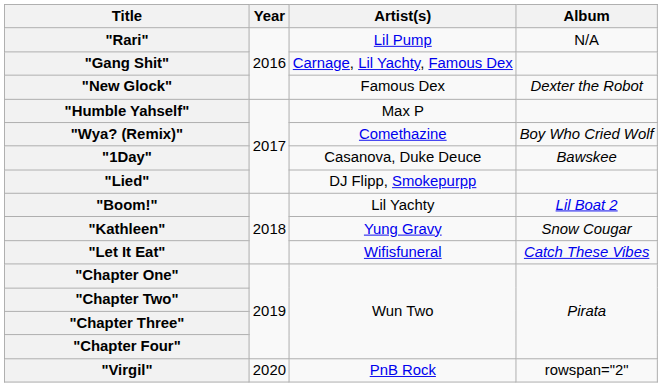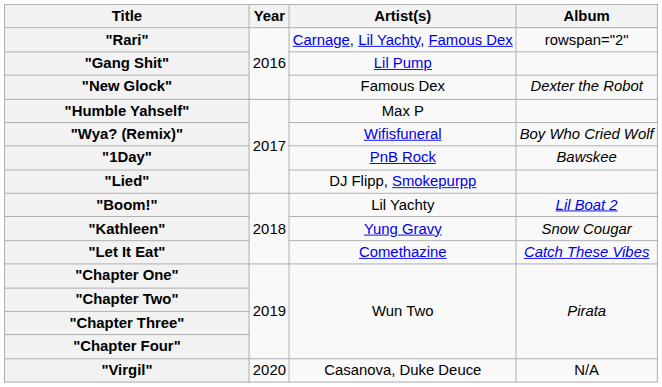 <table class="wikitable plainrowheaders" style="text-align:center;">
 <tr>
 <th scope="col" style="width:16em;">Title</th>
 <th scope="col">Year</th>
 <th scope="col">Artist(s)</th>
 <th scope="col">Album</th>
 </tr>
 <tr>
 <th scope="row">"Rari"</th>
 <td rowspan="3">2016</td>
-<td><a href='#'>Lil Pump</a></td>
-<td>N/A</td>
+<td><a href='#'>Carnage</a>, <a href='#'>Lil Yachty</a>, <a href='#'>Famous Dex</a></td>
+<td>rowspan="2" </td>
 </tr>
 <tr>
 <th scope="row">"Gang Shit"</th>
-<td><a href='#'>Carnage</a>, <a href='#'>Lil Yachty</a>, <a href='#'>Famous Dex</a></td>
+<td><a href='#'>Lil Pump</a></td>
 </tr>
 <tr>
 <th scope="row">"New Glock"</th>
 <td>Famous Dex</td>
 <td><em>Dexter the Robot</em></td>
 </tr>
 <tr>
 <th scope="row">"Humble Yahself"</th>
 <td rowspan="4">2017</td>
 <td>Max P</td>
 <td></td>
 </tr>
 <tr>
 <th scope="row">"Wya? (Remix)"</th>
-<td><a href='#'>Comethazine</a></td>
+<td><a href='#'>Wifisfuneral</a></td>
 <td><em>Boy Who Cried Wolf</em></td>
 </tr>
 <tr>
 <th scope="row">"1Day"</th>
-<td>Casanova, Duke Deuce</td>
+<td><a href='#'>PnB Rock</a></td>
 <td><em>Bawskee</em></td>
 </tr>
 <tr>
 <th scope="row">"Lied"</th>
 <td>DJ Flipp, <a href='#'>Smokepurpp</a></td>
 <td></td>
 </tr>
 <tr>
 <th scope="row">"Boom!"</th>
 <td rowspan="3">2018</td>
 <td>Lil Yachty</td>
 <td><em><a href='#'>Lil Boat 2</a></em></td>
 </tr>
 <tr>
 <th scope="row">"Kathleen"</th>
 <td><a href='#'>Yung Gravy</a></td>
 <td><em>Snow Cougar</em></td>
 </tr>
 <tr>
 <th scope="row">"Let It Eat"</th>
-<td><a href='#'>Wifisfuneral</a></td>
+<td><a href='#'>Comethazine</a></td>
 <td><em><a href='#'>Catch These Vibes</a></em></td>
 </tr>
 <tr>
 <th scope="row">"Chapter One"</th>
 <td rowspan="4">2019</td>
 <td rowspan="4">Wun Two</td>
 <td rowspan="4"><em>Pirata</em></td>
 </tr>
 <tr>
 <th scope="row">"Chapter Two"</th>
 </tr>
 <tr>
 <th scope="row">"Chapter Three"</th>
 </tr>
 <tr>
 <th scope="row">"Chapter Four"</th>
 </tr>
 <tr>
 <th>"Virgil"</th>
 <td>2020</td>
-<td><a href='#'>PnB Rock</a></td>
-<td>rowspan="2" </td>
+<td>Casanova, Duke Deuce</td>
+<td>N/A</td>
 </tr>
 </table>
